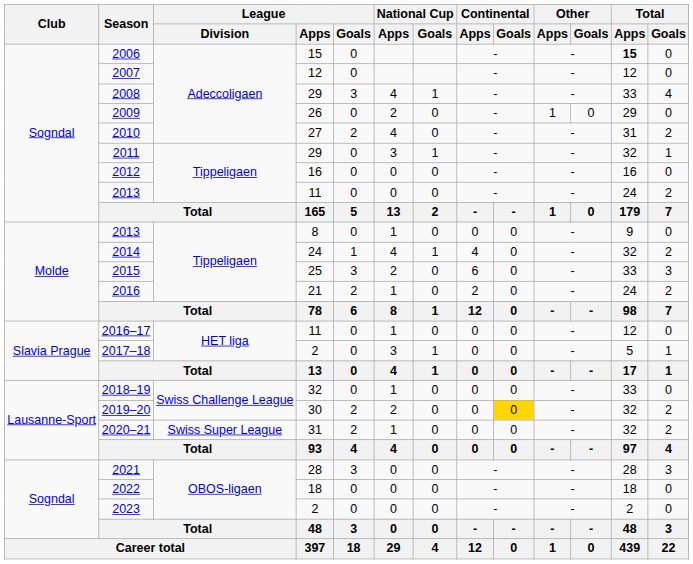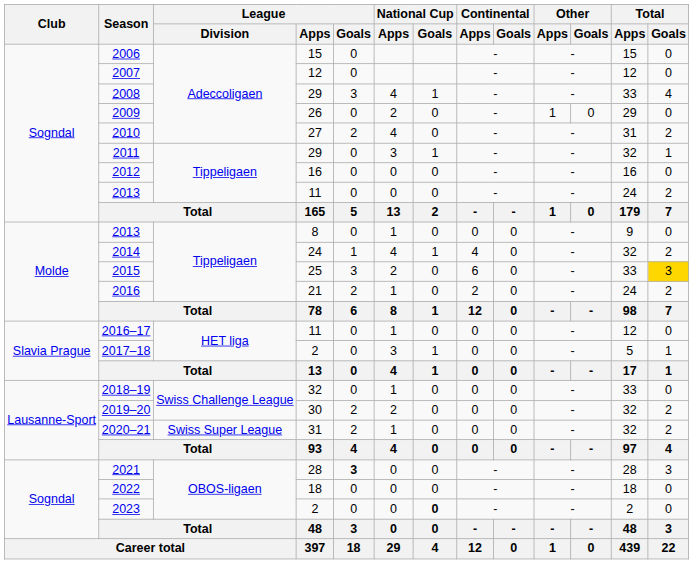 <table class="wikitable" style="text-align: center;">
 <tr>
 <th rowspan="2">Club</th>
 <th rowspan="2">Season</th>
 <th colspan="3">League</th>
 <th colspan="2">National Cup</th>
 <th colspan="2">Continental</th>
 <th colspan="2">Other</th>
 <th colspan="2">Total</th>
 </tr>
 <tr>
 <th>Division</th>
 <th>Apps</th>
 <th>Goals</th>
 <th>Apps</th>
 <th>Goals</th>
 <th>Apps</th>
 <th>Goals</th>
 <th>Apps</th>
 <th>Goals</th>
 <th>Apps</th>
 <th>Goals</th>
 </tr>
 <tr>
 <td rowspan="9"><a href='#'>Sogndal</a></td>
 <td><a href='#'>2006</a></td>
 <td rowspan="5"><a href='#'>Adeccoligaen</a></td>
 <td>15</td>
 <td>0</td>
 <td></td>
 <td></td>
 <td colspan="2">-</td>
 <td colspan="2">-</td>
-<td><strong>15</strong></td>
+<td>15</td>
 <td>0</td>
 </tr>
 <tr>
 <td><a href='#'>2007</a></td>
 <td>12</td>
 <td>0</td>
 <td></td>
 <td></td>
 <td colspan="2">-</td>
 <td colspan="2">-</td>
 <td>12</td>
 <td>0</td>
 </tr>
 <tr>
 <td><a href='#'>2008</a></td>
 <td>29</td>
 <td>3</td>
 <td>4</td>
 <td>1</td>
 <td colspan="2">-</td>
 <td colspan="2">-</td>
 <td>33</td>
 <td>4</td>
 </tr>
 <tr>
 <td><a href='#'>2009</a></td>
 <td>26</td>
 <td>0</td>
 <td>2</td>
 <td>0</td>
 <td colspan="2">-</td>
 <td>1</td>
 <td>0</td>
 <td>29</td>
 <td>0</td>
 </tr>
 <tr>
 <td><a href='#'>2010</a></td>
 <td>27</td>
 <td>2</td>
 <td>4</td>
 <td>0</td>
 <td colspan="2">-</td>
 <td colspan="2">-</td>
 <td>31</td>
 <td>2</td>
 </tr>
 <tr>
 <td><a href='#'>2011</a></td>
 <td rowspan="3"><a href='#'>Tippeligaen</a></td>
 <td>29</td>
 <td>0</td>
 <td>3</td>
 <td>1</td>
 <td colspan="2">-</td>
 <td colspan="2">-</td>
 <td>32</td>
 <td>1</td>
 </tr>
 <tr>
 <td><a href='#'>2012</a></td>
 <td>16</td>
 <td>0</td>
 <td>0</td>
 <td>0</td>
 <td colspan="2">-</td>
 <td colspan="2">-</td>
 <td>16</td>
 <td>0</td>
 </tr>
 <tr>
 <td><a href='#'>2013</a></td>
 <td>11</td>
 <td>0</td>
 <td>0</td>
 <td>0</td>
 <td colspan="2">-</td>
 <td colspan="2">-</td>
 <td>24</td>
 <td>2</td>
 </tr>
 <tr>
 <th colspan="2">Total</th>
 <th>165</th>
 <th>5</th>
 <th>13</th>
 <th>2</th>
 <th>-</th>
 <th>-</th>
 <th>1</th>
 <th>0</th>
 <th>179</th>
 <th>7</th>
 </tr>
 <tr>
 <td rowspan="5"><a href='#'>Molde</a></td>
 <td><a href='#'>2013</a></td>
 <td rowspan="4"><a href='#'>Tippeligaen</a></td>
 <td>8</td>
 <td>0</td>
 <td>1</td>
 <td>0</td>
 <td>0</td>
 <td>0</td>
 <td colspan="2">-</td>
 <td>9</td>
 <td>0</td>
 </tr>
 <tr>
 <td><a href='#'>2014</a></td>
 <td>24</td>
 <td>1</td>
 <td>4</td>
 <td>1</td>
 <td>4</td>
 <td>0</td>
 <td colspan="2">-</td>
 <td>32</td>
 <td>2</td>
 </tr>
 <tr>
 <td><a href='#'>2015</a></td>
 <td>25</td>
 <td>3</td>
 <td>2</td>
 <td>0</td>
 <td>6</td>
 <td>0</td>
 <td colspan="2">-</td>
 <td>33</td>
-<td>3</td>
+<td style="background: gold;">3</td>
 </tr>
 <tr>
 <td><a href='#'>2016</a></td>
 <td>21</td>
 <td>2</td>
 <td>1</td>
 <td>0</td>
 <td>2</td>
 <td>0</td>
 <td colspan="2">-</td>
 <td>24</td>
 <td>2</td>
 </tr>
 <tr>
 <th colspan="2">Total</th>
 <th>78</th>
 <th>6</th>
 <th>8</th>
 <th>1</th>
 <th>12</th>
 <th>0</th>
 <th>-</th>
 <th>-</th>
 <th>98</th>
 <th>7</th>
 </tr>
 <tr>
 <td rowspan="3"><a href='#'>Slavia Prague</a></td>
 <td><a href='#'>2016–17</a></td>
 <td rowspan="2"><a href='#'>HET liga</a></td>
 <td>11</td>
 <td>0</td>
 <td>1</td>
 <td>0</td>
 <td>0</td>
 <td>0</td>
 <td colspan="2">-</td>
 <td>12</td>
 <td>0</td>
 </tr>
 <tr>
 <td><a href='#'>2017–18</a></td>
 <td>2</td>
 <td>0</td>
 <td>3</td>
 <td>1</td>
 <td>0</td>
 <td>0</td>
 <td colspan="2">-</td>
 <td>5</td>
 <td>1</td>
 </tr>
 <tr>
 <th colspan="2">Total</th>
 <th>13</th>
 <th>0</th>
 <th>4</th>
 <th>1</th>
 <th>0</th>
 <th>0</th>
 <th>-</th>
 <th>-</th>
 <th>17</th>
 <th>1</th>
 </tr>
 <tr>
 <td rowspan="4"><a href='#'>Lausanne-Sport</a></td>
 <td><a href='#'>2018–19</a></td>
 <td rowspan="2"><a href='#'>Swiss Challenge League</a></td>
 <td>32</td>
 <td>0</td>
 <td>1</td>
 <td>0</td>
 <td>0</td>
 <td>0</td>
 <td colspan="2">-</td>
 <td>33</td>
 <td>0</td>
 </tr>
 <tr>
 <td><a href='#'>2019–20</a></td>
 <td>30</td>
 <td>2</td>
 <td>2</td>
 <td>0</td>
 <td>0</td>
-<td style="background: gold;">0</td>
+<td>0</td>
 <td colspan="2">-</td>
 <td>32</td>
 <td>2</td>
 </tr>
 <tr>
 <td><a href='#'>2020–21</a></td>
 <td rowspan="1"><a href='#'>Swiss Super League</a></td>
 <td>31</td>
 <td>2</td>
 <td>1</td>
 <td>0</td>
 <td>0</td>
 <td>0</td>
 <td colspan="2">-</td>
 <td>32</td>
 <td>2</td>
 </tr>
 <tr>
 <th colspan="2">Total</th>
 <th>93</th>
 <th>4</th>
 <th>4</th>
 <th>0</th>
 <th>0</th>
 <th>0</th>
 <th>-</th>
 <th>-</th>
 <th>97</th>
 <th>4</th>
 </tr>
 <tr>
 <td rowspan="4"><a href='#'>Sogndal</a></td>
 <td><a href='#'>2021</a></td>
 <td rowspan="3"><a href='#'>OBOS-ligaen</a></td>
 <td>28</td>
-<td>3</td>
+<td><strong>3</strong></td>
 <td>0</td>
 <td>0</td>
 <td colspan="2">-</td>
 <td colspan="2">-</td>
 <td>28</td>
 <td>3</td>
 </tr>
 <tr>
 <td><a href='#'>2022</a></td>
 <td>18</td>
 <td>0</td>
 <td>0</td>
 <td>0</td>
 <td colspan="2">-</td>
 <td colspan="2">-</td>
 <td>18</td>
 <td>0</td>
 </tr>
 <tr>
 <td><a href='#'>2023</a></td>
 <td>2</td>
 <td>0</td>
 <td>0</td>
-<td>0</td>
+<td><strong>0</strong></td>
 <td colspan="2">-</td>
 <td colspan="2">-</td>
 <td>2</td>
 <td>0</td>
 </tr>
 <tr>
 <th colspan="2">Total</th>
 <th>48</th>
 <th>3</th>
 <th>0</th>
 <th>0</th>
 <th>-</th>
 <th>-</th>
 <th>-</th>
 <th>-</th>
 <th>48</th>
 <th>3</th>
 </tr>
 <tr>
 <th colspan="3">Career total</th>
 <th>397</th>
 <th>18</th>
 <th>29</th>
 <th>4</th>
 <th>12</th>
 <th>0</th>
 <th>1</th>
 <th>0</th>
 <th>439</th>
 <th>22</th>
 </tr>
 </table>
